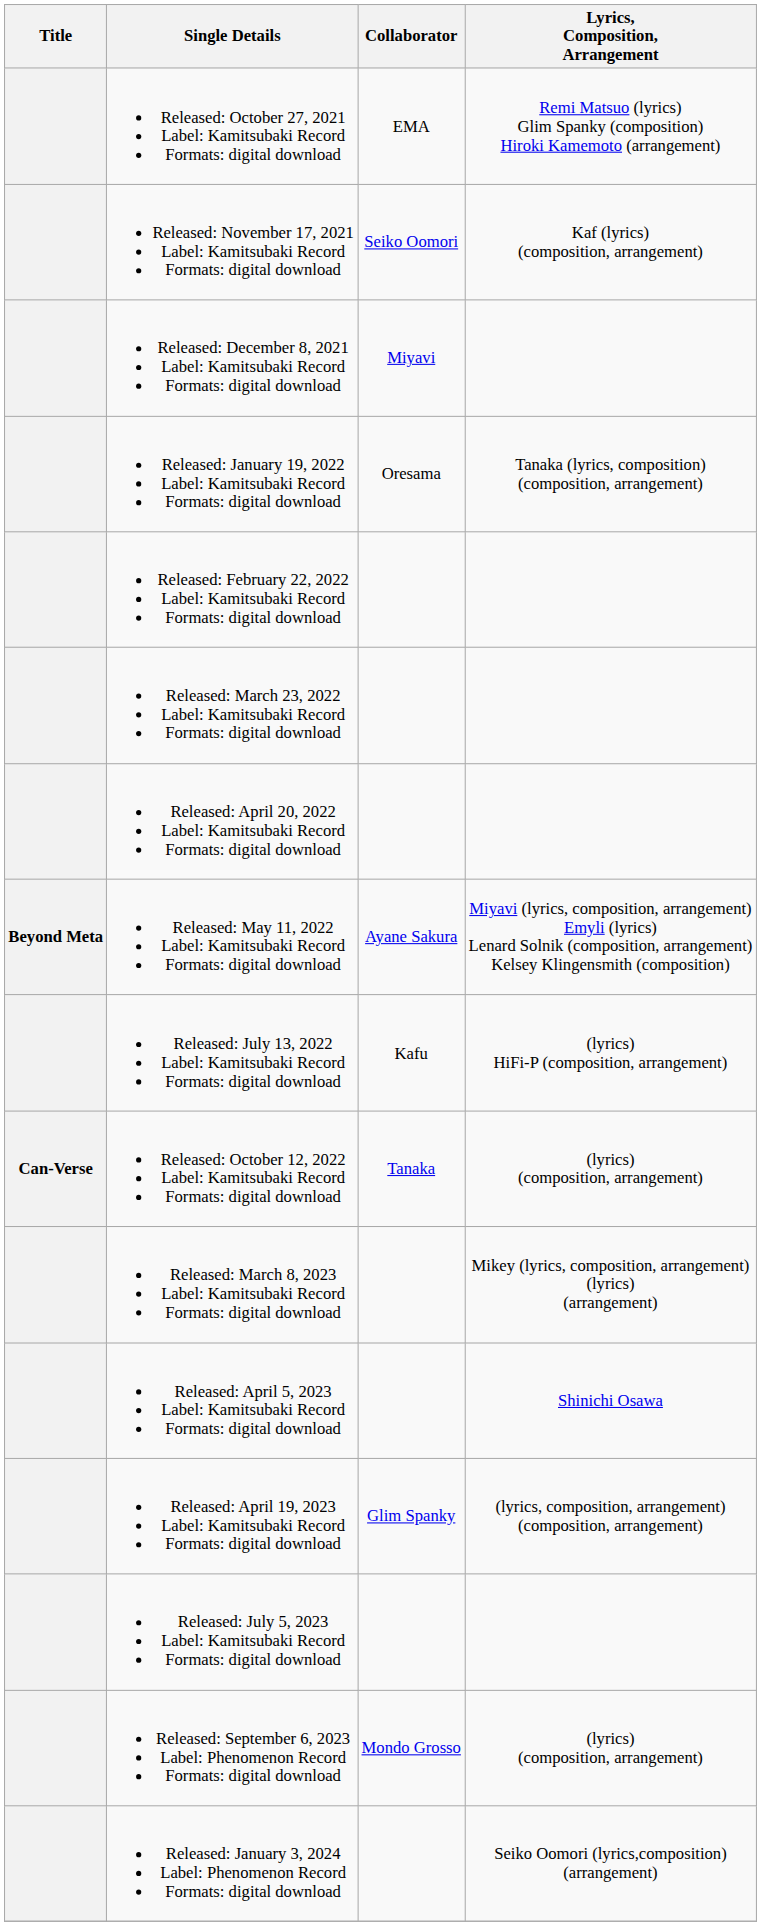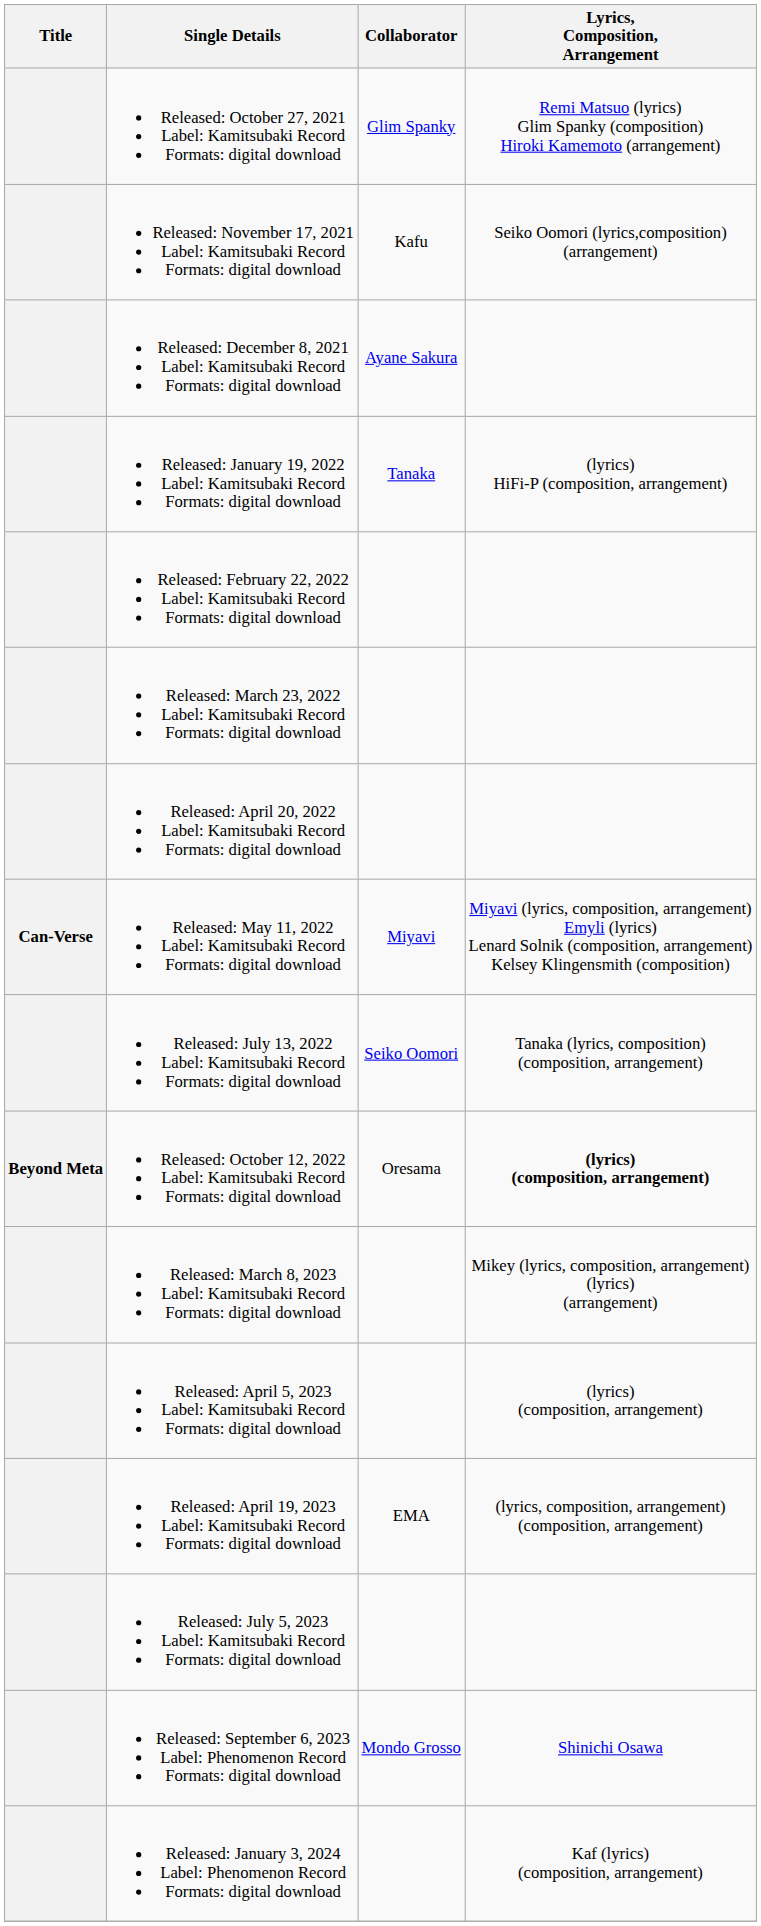 <table class="wikitable plainrowheaders" style="text-align:center;">
 <tr>
 <th>Title</th>
 <th>Single Details</th>
 <th>Collaborator</th>
 <th>Lyrics,<br> Composition,<br> Arrangement</th>
 </tr>
 <tr>
 <th scope="row"></th>
 <td><br><ul><li>Released: October 27, 2021</li><li>Label: Kamitsubaki Record</li><li>Formats: digital download</li></ul></td>
-<td>EMA</td>
+<td><a href='#'>Glim Spanky</a></td>
 <td><a href='#'>Remi Matsuo</a> (lyrics)<br>Glim Spanky (composition)<br><a href='#'>Hiroki Kamemoto</a> (arrangement)</td>
 </tr>
 <tr>
 <th scope="row"></th>
 <td><br><ul><li>Released: November 17, 2021</li><li>Label: Kamitsubaki Record</li><li>Formats: digital download</li></ul></td>
-<td><a href='#'>Seiko Oomori</a></td>
-<td>Kaf (lyrics)<br> (composition, arrangement)</td>
+<td>Kafu</td>
+<td>Seiko Oomori (lyrics,composition)<br> (arrangement)</td>
 </tr>
 <tr>
 <th scope="row"></th>
 <td><br><ul><li>Released: December 8, 2021</li><li>Label: Kamitsubaki Record</li><li>Formats: digital download</li></ul></td>
-<td><a href='#'>Miyavi</a></td>
+<td><a href='#'>Ayane Sakura</a></td>
 <td></td>
 </tr>
 <tr>
 <th scope="row"></th>
 <td><br><ul><li>Released: January 19, 2022</li><li>Label: Kamitsubaki Record</li><li>Formats: digital download</li></ul></td>
-<td>Oresama</td>
-<td>Tanaka (lyrics, composition)<br> (composition, arrangement)</td>
+<td><a href='#'>Tanaka</a></td>
+<td> (lyrics)<br>HiFi-P (composition, arrangement)</td>
 </tr>
 <tr>
 <th scope="row"></th>
 <td><br><ul><li>Released: February 22, 2022</li><li>Label: Kamitsubaki Record</li><li>Formats: digital download</li></ul></td>
 <td></td>
 <td></td>
 </tr>
 <tr>
 <th scope="row"></th>
 <td><br><ul><li>Released: March 23, 2022</li><li>Label: Kamitsubaki Record</li><li>Formats: digital download</li></ul></td>
 <td></td>
 <td></td>
 </tr>
 <tr>
 <th scope="row"></th>
 <td><br><ul><li>Released: April 20, 2022</li><li>Label: Kamitsubaki Record</li><li>Formats: digital download</li></ul></td>
 <td></td>
 <td></td>
 </tr>
 <tr>
-<th scope="row">Beyond Meta</th>
+<th scope="row">Can-Verse</th>
 <td><br><ul><li>Released: May 11, 2022</li><li>Label: Kamitsubaki Record</li><li>Formats: digital download</li></ul></td>
-<td><a href='#'>Ayane Sakura</a></td>
+<td><a href='#'>Miyavi</a></td>
 <td><a href='#'>Miyavi</a> (lyrics, composition, arrangement)<br><a href='#'>Emyli</a> (lyrics)<br>Lenard Solnik (composition, arrangement)<br>Kelsey Klingensmith (composition)</td>
 </tr>
 <tr>
 <th scope="row"></th>
 <td><br><ul><li>Released: July 13, 2022</li><li>Label: Kamitsubaki Record</li><li>Formats: digital download</li></ul></td>
-<td>Kafu</td>
-<td> (lyrics)<br>HiFi-P (composition, arrangement)</td>
+<td><a href='#'>Seiko Oomori</a></td>
+<td>Tanaka (lyrics, composition)<br> (composition, arrangement)</td>
 </tr>
 <tr>
-<th scope="row">Can-Verse</th>
+<th scope="row">Beyond Meta</th>
 <td><br><ul><li>Released: October 12, 2022</li><li>Label: Kamitsubaki Record</li><li>Formats: digital download</li></ul></td>
-<td><a href='#'>Tanaka</a></td>
-<td> (lyrics)<br> (composition, arrangement)</td>
+<td>Oresama</td>
+<td><strong> (lyrics)<br> (composition, arrangement)</strong></td>
 </tr>
 <tr>
 <th scope="row"></th>
 <td><br><ul><li>Released: March 8, 2023</li><li>Label: Kamitsubaki Record</li><li>Formats: digital download</li></ul></td>
 <td></td>
 <td>Mikey (lyrics, composition, arrangement)<br> (lyrics)<br> (arrangement)</td>
 </tr>
 <tr>
 <th scope="row"></th>
 <td><br><ul><li>Released: April 5, 2023</li><li>Label: Kamitsubaki Record</li><li>Formats: digital download</li></ul></td>
 <td></td>
-<td><a href='#'>Shinichi Osawa</a></td>
+<td> (lyrics)<br> (composition, arrangement)</td>
 </tr>
 <tr>
 <th scope="row"></th>
 <td><br><ul><li>Released: April 19, 2023</li><li>Label: Kamitsubaki Record</li><li>Formats: digital download</li></ul></td>
-<td><a href='#'>Glim Spanky</a></td>
+<td>EMA</td>
 <td> (lyrics, composition, arrangement)<br> (composition, arrangement)</td>
 </tr>
 <tr>
 <th scope="row"></th>
 <td><br><ul><li>Released: July 5, 2023</li><li>Label: Kamitsubaki Record</li><li>Formats: digital download</li></ul></td>
 <td></td>
 <td></td>
 </tr>
 <tr>
 <th scope="row"></th>
 <td><br><ul><li>Released: September 6, 2023</li><li>Label: Phenomenon Record</li><li>Formats: digital download</li></ul></td>
 <td><a href='#'>Mondo Grosso</a></td>
-<td> (lyrics)<br> (composition, arrangement)</td>
+<td><a href='#'>Shinichi Osawa</a></td>
 </tr>
 <tr>
 <th scope="row"></th>
 <td><br><ul><li>Released: January 3, 2024</li><li>Label: Phenomenon Record</li><li>Formats: digital download</li></ul></td>
 <td></td>
-<td>Seiko Oomori (lyrics,composition)<br> (arrangement)</td>
+<td>Kaf (lyrics)<br> (composition, arrangement)</td>
 </tr>
 <tr>
 </tr>
 </table>
